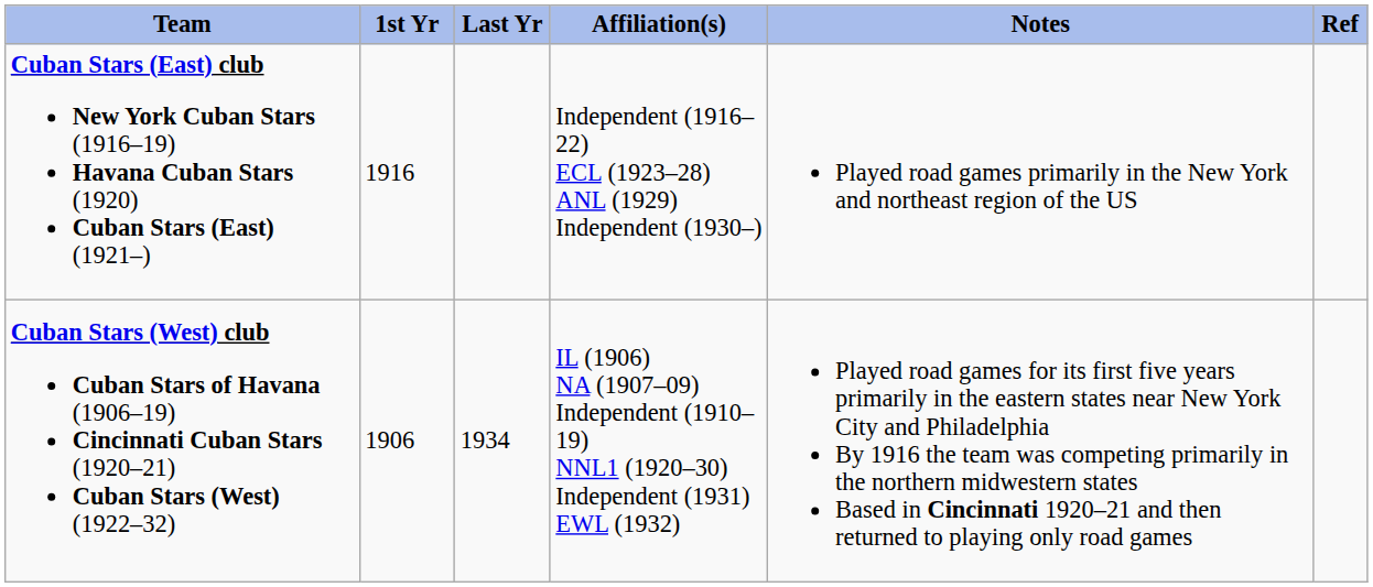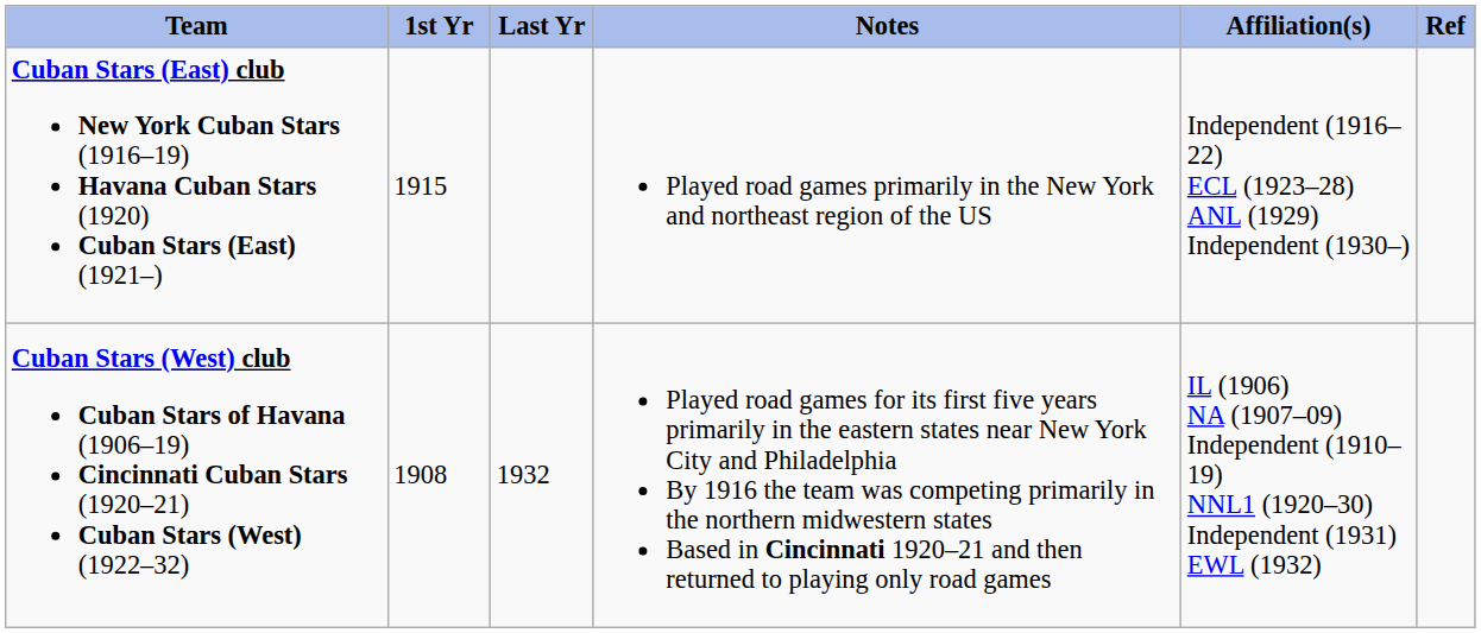 <table class="wikitable" style="width: 100%">
 <tr>
 <th style="background:#a8bdec; width:26%;">Team</th>
 <th style="width:7%; background:#a8bdec;">1st Yr</th>
 <th style="width:7%; background:#a8bdec;">Last Yr</th>
+<th style="width:40%; background:#a8bdec;">Notes</th>
 <th style="width:16%; background:#a8bdec;">Affiliation(s)</th>
-<th style="width:40%; background:#a8bdec;">Notes</th>
 <th style="width:4%; background:#a8bdec;">Ref</th>
 </tr>
 <tr>
 <td><u><strong><a href='#'>Cuban Stars (East)</a> club</strong></u><br><ul><li><strong>New York Cuban Stars</strong> (1916–19)</li><li><strong>Havana Cuban Stars</strong> (1920)</li><li><strong>Cuban Stars (East)</strong> (1921–)</li></ul></td>
-<td>1916</td>
+<td>1915</td>
 <td></td>
+<td><br><ul><li>Played road games primarily in the New York and northeast region of the US</li></ul></td>
 <td>Independent (1916–22)<br><a href='#'>ECL</a> (1923–28)<br><a href='#'>ANL</a> (1929)<br>Independent (1930–)</td>
-<td><br><ul><li>Played road games primarily in the New York and northeast region of the US</li></ul></td>
 <td></td>
 </tr>
 <tr id="Cuban Stars (West)">
 <td><u><strong><a href='#'>Cuban Stars (West)</a> club</strong></u><br><ul><li><strong>Cuban Stars of Havana</strong> (1906–19)</li><li><strong>Cincinnati Cuban Stars</strong> (1920–21)</li><li><strong>Cuban Stars (West)</strong> (1922–32)</li></ul></td>
-<td>1906</td>
-<td>1934</td>
+<td>1908</td>
+<td>1932</td>
+<td><br><ul><li>Played road games for its first five years primarily in the eastern states near New York City and Philadelphia</li><li>By 1916 the team was competing primarily in the northern midwestern states</li><li>Based in <strong>Cincinnati</strong> 1920–21 and then returned to playing only road games</li></ul></td>
 <td><a href='#'>IL</a> (1906)<br><a href='#'>NA</a> (1907–09)<br>Independent (1910–19)<br><a href='#'>NNL1</a> (1920–30)<br>Independent (1931)<br><a href='#'>EWL</a> (1932)</td>
-<td><br><ul><li>Played road games for its first five years primarily in the eastern states near New York City and Philadelphia</li><li>By 1916 the team was competing primarily in the northern midwestern states</li><li>Based in <strong>Cincinnati</strong> 1920–21 and then returned to playing only road games</li></ul></td>
 <td></td>
 </tr>
 </table>
